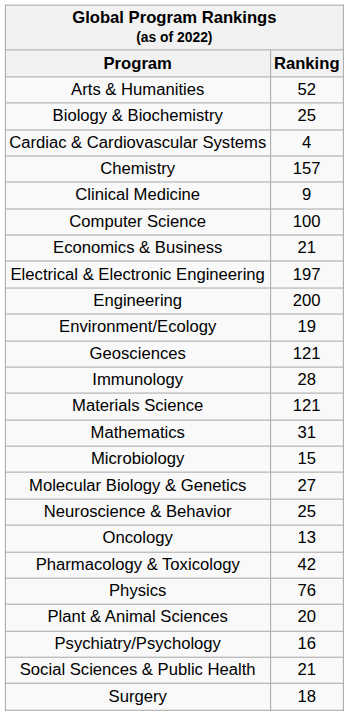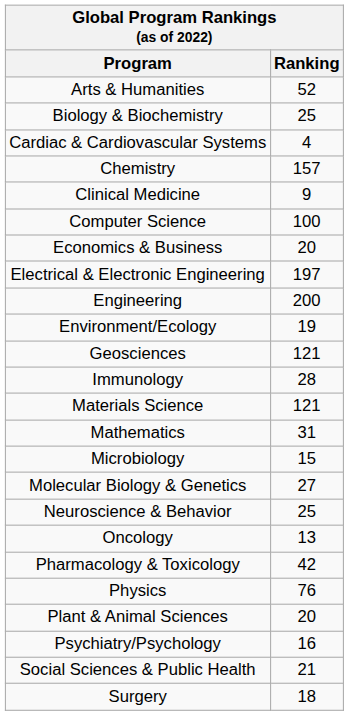 <table class="wikitable sortable collapsible collapsed" style="float:right; text-align:center">
 <tr>
 <th colspan=4>Global Program Rankings<br><small>(as of 2022)</small></th>
 </tr>
 <tr>
 <th>Program</th>
 <th>Ranking</th>
 </tr>
 <tr>
 <td>Arts & Humanities</td>
 <td>52</td>
 </tr>
 <tr>
 <td>Biology & Biochemistry</td>
 <td>25</td>
 </tr>
 <tr>
 <td>Cardiac & Cardiovascular Systems</td>
 <td>4</td>
 </tr>
 <tr>
 <td>Chemistry</td>
 <td>157</td>
 </tr>
 <tr>
 <td>Clinical Medicine</td>
 <td>9</td>
 </tr>
 <tr>
 <td>Computer Science</td>
 <td>100</td>
 </tr>
 <tr>
 <td>Economics & Business</td>
-<td>21</td>
+<td>20</td>
 </tr>
 <tr>
 <td>Electrical & Electronic Engineering</td>
 <td>197</td>
 </tr>
 <tr>
 <td>Engineering</td>
 <td>200</td>
 </tr>
 <tr>
 <td>Environment/Ecology</td>
 <td>19</td>
 </tr>
 <tr>
 <td>Geosciences</td>
 <td>121</td>
 </tr>
 <tr>
 <td>Immunology</td>
 <td>28</td>
 </tr>
 <tr>
 <td>Materials Science</td>
 <td>121</td>
 </tr>
 <tr>
 <td>Mathematics</td>
 <td>31</td>
 </tr>
 <tr>
 <td>Microbiology</td>
 <td>15</td>
 </tr>
 <tr>
 <td>Molecular Biology & Genetics</td>
 <td>27</td>
 </tr>
 <tr>
 <td>Neuroscience & Behavior</td>
 <td>25</td>
 </tr>
 <tr>
 <td>Oncology</td>
 <td>13</td>
 </tr>
 <tr>
 <td>Pharmacology & Toxicology</td>
 <td>42</td>
 </tr>
 <tr>
 <td>Physics</td>
 <td>76</td>
 </tr>
 <tr>
 <td>Plant & Animal Sciences</td>
 <td>20</td>
 </tr>
 <tr>
 <td>Psychiatry/Psychology</td>
 <td>16</td>
 </tr>
 <tr>
 <td>Social Sciences & Public Health</td>
 <td>21</td>
 </tr>
 <tr>
 <td>Surgery</td>
 <td>18</td>
 </tr>
 </table>
